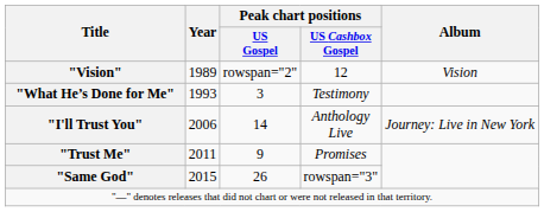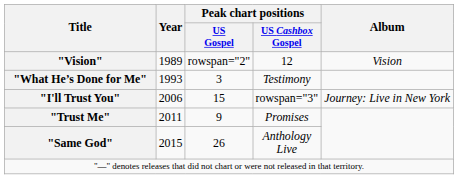 <table class="wikitable plainrowheaders" style="text-align:center;" border="1">
 <tr>
 <th scope="col" rowspan="2" style="width:15em;">Title</th>
 <th scope="col" rowspan="2">Year</th>
 <th scope="col" colspan="2">Peak chart positions</th>
 <th scope="col" rowspan="2" style="width:13em;">Album</th>
 </tr>
 <tr>
 <th scope="col" style="width:3em;font-size:85%;"><a href='#'>US<br>Gospel</a><br></th>
 <th scope="col" style="width:3em;font-size:85%;"><a href='#'>US <em>Cashbox</em><br>Gospel</a><br></th>
 </tr>
 <tr>
 <th scope="row">"Vision"<br></th>
 <td>1989</td>
 <td>rowspan="2" </td>
 <td>12</td>
 <td><em>Vision</em></td>
 </tr>
 <tr>
 <th scope="row">"What He’s Done for Me"<br></th>
 <td>1993</td>
 <td>3</td>
 <td><em>Testimony</em></td>
 </tr>
 <tr>
 <th scope="row">"I'll Trust You"<br></th>
 <td>2006</td>
-<td>14</td>
-<td><em>Anthology Live</em></td>
+<td>15</td>
+<td>rowspan="3" </td>
 <td><em>Journey: Live in New York</em></td>
 </tr>
 <tr>
 <th scope="row">"Trust Me"<br></th>
 <td>2011</td>
 <td>9</td>
 <td><em>Promises</em></td>
 </tr>
 <tr>
 <th scope="row">"Same God"<br></th>
 <td>2015</td>
 <td>26</td>
-<td>rowspan="3" </td>
+<td><em>Anthology Live</em></td>
 </tr>
 <tr>
 <td colspan="9" style="text-align:center; font-size:9pt;">"—" denotes releases that did not chart or were not released in that territory.</td>
 </tr>
 </table>
